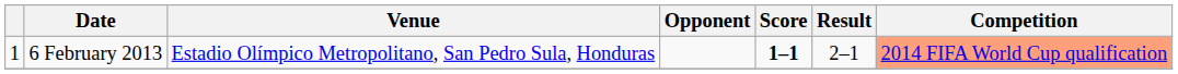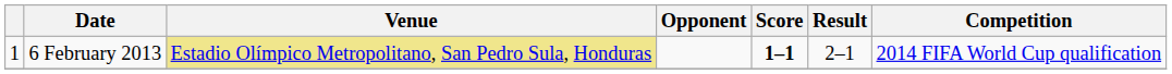 <table class="wikitable">
 <tr>
 <th></th>
 <th>Date</th>
 <th>Venue</th>
 <th>Opponent</th>
 <th>Score</th>
 <th>Result</th>
 <th>Competition</th>
 </tr>
 <tr>
 <td align="center">1</td>
 <td>6 February 2013</td>
-<td><a href='#'>Estadio Olímpico Metropolitano</a>, <a href='#'>San Pedro Sula</a>, <a href='#'>Honduras</a></td>
+<td style="background: khaki;"><a href='#'>Estadio Olímpico Metropolitano</a>, <a href='#'>San Pedro Sula</a>, <a href='#'>Honduras</a></td>
 <td></td>
 <td align="center"><strong>1–1</strong></td>
 <td align="center">2–1</td>
-<td style="background: lightsalmon;"><a href='#'>2014 FIFA World Cup qualification</a></td>
+<td><a href='#'>2014 FIFA World Cup qualification</a></td>
 </tr>
 <tr>
 </tr>
 </table>
